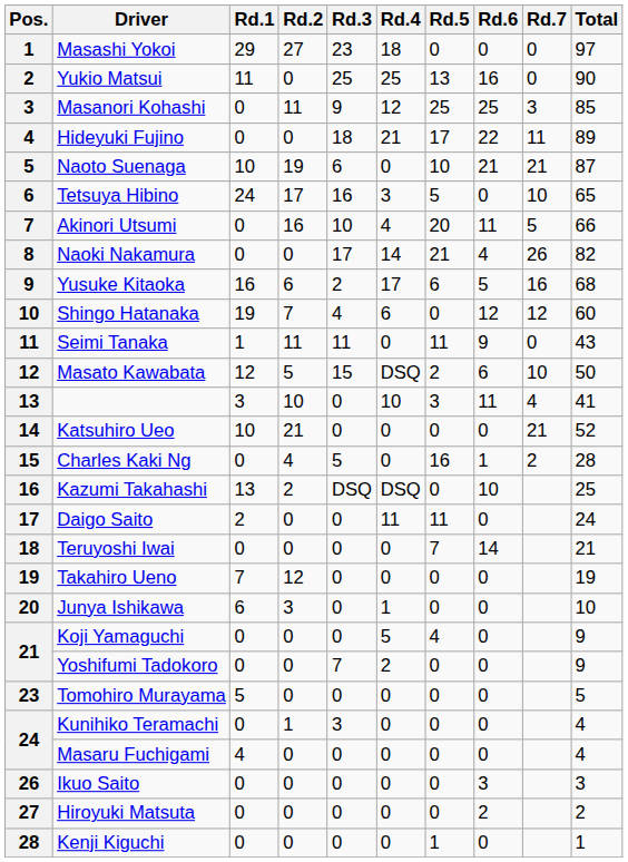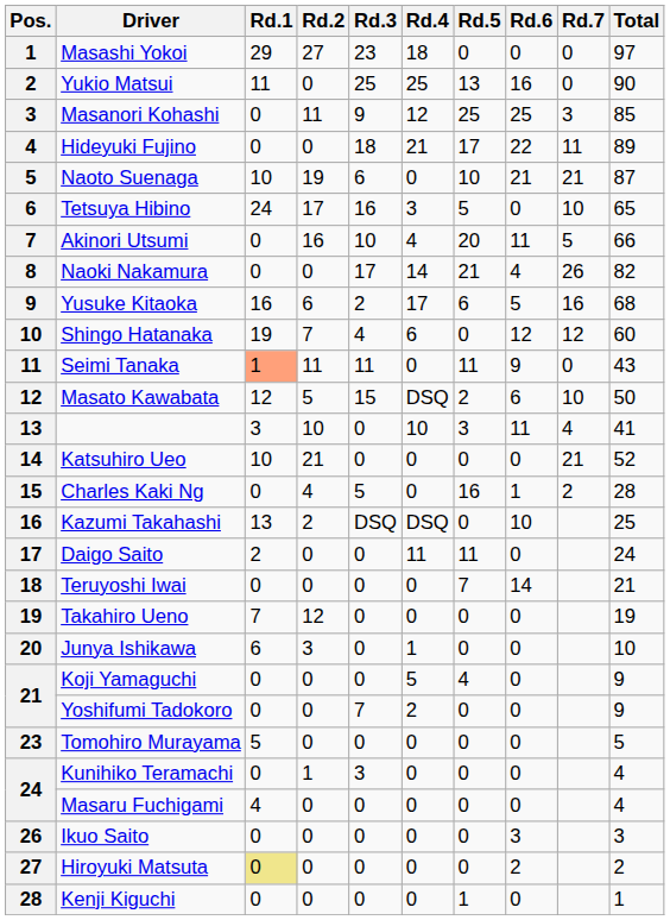 <table class="wikitable">
 <tr>
 <th>Pos.</th>
 <th>Driver</th>
 <th>Rd.1</th>
 <th>Rd.2</th>
 <th>Rd.3</th>
 <th>Rd.4</th>
 <th>Rd.5</th>
 <th>Rd.6</th>
 <th>Rd.7</th>
 <th>Total</th>
 </tr>
 <tr>
 <th>1</th>
 <td> <a href='#'>Masashi Yokoi</a></td>
 <td>29</td>
 <td>27</td>
 <td>23</td>
 <td>18</td>
 <td>0</td>
 <td>0</td>
 <td>0</td>
 <td>97</td>
 </tr>
 <tr>
 <th>2</th>
 <td> <a href='#'>Yukio Matsui</a></td>
 <td>11</td>
 <td>0</td>
 <td>25</td>
 <td>25</td>
 <td>13</td>
 <td>16</td>
 <td>0</td>
 <td>90</td>
 </tr>
 <tr>
 <th>3</th>
 <td> <a href='#'>Masanori Kohashi</a></td>
 <td>0</td>
 <td>11</td>
 <td>9</td>
 <td>12</td>
 <td>25</td>
 <td>25</td>
 <td>3</td>
 <td>85</td>
 </tr>
 <tr>
 <th>4</th>
 <td> <a href='#'>Hideyuki Fujino</a></td>
 <td>0</td>
 <td>0</td>
 <td>18</td>
 <td>21</td>
 <td>17</td>
 <td>22</td>
 <td>11</td>
 <td>89</td>
 </tr>
 <tr>
 <th>5</th>
 <td> <a href='#'>Naoto Suenaga</a></td>
 <td>10</td>
 <td>19</td>
 <td>6</td>
 <td>0</td>
 <td>10</td>
 <td>21</td>
 <td>21</td>
 <td>87</td>
 </tr>
 <tr>
 <th>6</th>
 <td> <a href='#'>Tetsuya Hibino</a></td>
 <td>24</td>
 <td>17</td>
 <td>16</td>
 <td>3</td>
 <td>5</td>
 <td>0</td>
 <td>10</td>
 <td>65</td>
 </tr>
 <tr>
 <th>7</th>
 <td> <a href='#'>Akinori Utsumi</a></td>
 <td>0</td>
 <td>16</td>
 <td>10</td>
 <td>4</td>
 <td>20</td>
 <td>11</td>
 <td>5</td>
 <td>66</td>
 </tr>
 <tr>
 <th>8</th>
 <td> <a href='#'>Naoki Nakamura</a></td>
 <td>0</td>
 <td>0</td>
 <td>17</td>
 <td>14</td>
 <td>21</td>
 <td>4</td>
 <td>26</td>
 <td>82</td>
 </tr>
 <tr>
 <th>9</th>
 <td> <a href='#'>Yusuke Kitaoka</a></td>
 <td>16</td>
 <td>6</td>
 <td>2</td>
 <td>17</td>
 <td>6</td>
 <td>5</td>
 <td>16</td>
 <td>68</td>
 </tr>
 <tr>
 <th>10</th>
 <td> <a href='#'>Shingo Hatanaka</a></td>
 <td>19</td>
 <td>7</td>
 <td>4</td>
 <td>6</td>
 <td>0</td>
 <td>12</td>
 <td>12</td>
 <td>60</td>
 </tr>
 <tr>
 <th>11</th>
 <td> <a href='#'>Seimi Tanaka</a></td>
-<td>1</td>
+<td style="background: lightsalmon;">1</td>
 <td>11</td>
 <td>11</td>
 <td>0</td>
 <td>11</td>
 <td>9</td>
 <td>0</td>
 <td>43</td>
 </tr>
 <tr>
 <th>12</th>
 <td> <a href='#'>Masato Kawabata</a></td>
 <td>12</td>
 <td>5</td>
 <td>15</td>
 <td>DSQ</td>
 <td>2</td>
 <td>6</td>
 <td>10</td>
 <td>50</td>
 </tr>
 <tr>
 <th>13</th>
 <td> </td>
 <td>3</td>
 <td>10</td>
 <td>0</td>
 <td>10</td>
 <td>3</td>
 <td>11</td>
 <td>4</td>
 <td>41</td>
 </tr>
 <tr>
 <th>14</th>
 <td> <a href='#'>Katsuhiro Ueo</a></td>
 <td>10</td>
 <td>21</td>
 <td>0</td>
 <td>0</td>
 <td>0</td>
 <td>0</td>
 <td>21</td>
 <td>52</td>
 </tr>
 <tr>
 <th>15</th>
 <td> <a href='#'>Charles Kaki Ng</a></td>
 <td>0</td>
 <td>4</td>
 <td>5</td>
 <td>0</td>
 <td>16</td>
 <td>1</td>
 <td>2</td>
 <td>28</td>
 </tr>
 <tr>
 <th>16</th>
 <td> <a href='#'> Kazumi Takahashi</a></td>
 <td>13</td>
 <td>2</td>
 <td>DSQ</td>
 <td>DSQ</td>
 <td>0</td>
 <td>10</td>
 <td></td>
 <td>25</td>
 </tr>
 <tr>
 <th>17</th>
 <td> <a href='#'>Daigo Saito</a></td>
 <td>2</td>
 <td>0</td>
 <td>0</td>
 <td>11</td>
 <td>11</td>
 <td>0</td>
 <td></td>
 <td>24</td>
 </tr>
 <tr>
 <th>18</th>
 <td> <a href='#'>Teruyoshi Iwai</a></td>
 <td>0</td>
 <td>0</td>
 <td>0</td>
 <td>0</td>
 <td>7</td>
 <td>14</td>
 <td></td>
 <td>21</td>
 </tr>
 <tr>
 <th>19</th>
 <td> <a href='#'>Takahiro Ueno</a></td>
 <td>7</td>
 <td>12</td>
 <td>0</td>
 <td>0</td>
 <td>0</td>
 <td>0</td>
 <td></td>
 <td>19</td>
 </tr>
 <tr>
 <th>20</th>
 <td> <a href='#'>Junya Ishikawa</a></td>
 <td>6</td>
 <td>3</td>
 <td>0</td>
 <td>1</td>
 <td>0</td>
 <td>0</td>
 <td></td>
 <td>10</td>
 </tr>
 <tr>
 <th rowspan=2>21</th>
 <td> <a href='#'>Koji Yamaguchi</a></td>
 <td>0</td>
 <td>0</td>
 <td>0</td>
 <td>5</td>
 <td>4</td>
 <td>0</td>
 <td></td>
 <td>9</td>
 </tr>
 <tr>
 <td> <a href='#'>Yoshifumi Tadokoro</a></td>
 <td>0</td>
 <td>0</td>
 <td>7</td>
 <td>2</td>
 <td>0</td>
 <td>0</td>
 <td></td>
 <td>9</td>
 </tr>
 <tr>
 <th>23</th>
 <td> <a href='#'>Tomohiro Murayama</a></td>
 <td>5</td>
 <td>0</td>
 <td>0</td>
 <td>0</td>
 <td>0</td>
 <td>0</td>
 <td></td>
 <td>5</td>
 </tr>
 <tr>
 <th rowspan=2>24</th>
 <td> <a href='#'>Kunihiko Teramachi</a></td>
 <td>0</td>
 <td>1</td>
 <td>3</td>
 <td>0</td>
 <td>0</td>
 <td>0</td>
 <td></td>
 <td>4</td>
 </tr>
 <tr>
 <td> <a href='#'>Masaru Fuchigami</a></td>
 <td>4</td>
 <td>0</td>
 <td>0</td>
 <td>0</td>
 <td>0</td>
 <td>0</td>
 <td></td>
 <td>4</td>
 </tr>
 <tr>
 <th>26</th>
 <td> <a href='#'>Ikuo Saito</a></td>
 <td>0</td>
 <td>0</td>
 <td>0</td>
 <td>0</td>
 <td>0</td>
 <td>3</td>
 <td></td>
 <td>3</td>
 </tr>
 <tr>
 <th>27</th>
 <td> <a href='#'>Hiroyuki Matsuta</a></td>
-<td>0</td>
+<td style="background: khaki;">0</td>
 <td>0</td>
 <td>0</td>
 <td>0</td>
 <td>0</td>
 <td>2</td>
 <td></td>
 <td>2</td>
 </tr>
 <tr>
 <th>28</th>
 <td> <a href='#'>Kenji Kiguchi</a></td>
 <td>0</td>
 <td>0</td>
 <td>0</td>
 <td>0</td>
 <td>1</td>
 <td>0</td>
 <td></td>
 <td>1</td>
 </tr>
 <tr>
 </tr>
 </table>
